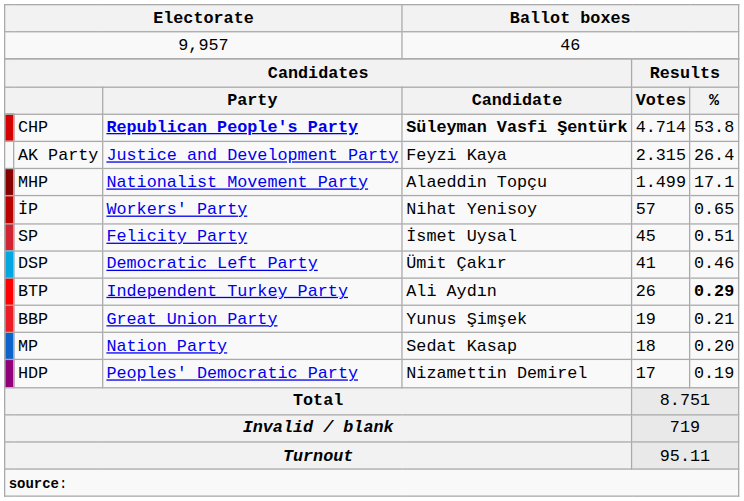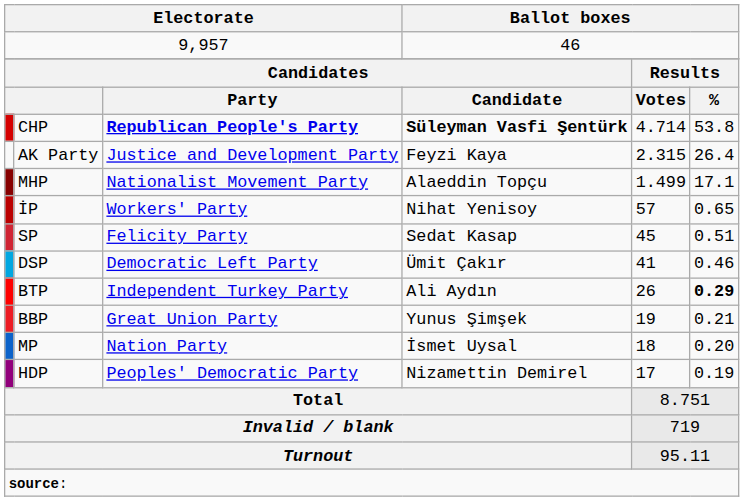 <table class="wikitable">
 <tr style="background-color:#F2F2F2">
 <td align="center" colspan="3"><strong>Electorate</strong></td>
 <td align="center" colspan="7"><strong>Ballot boxes</strong></td>
 </tr>
 <tr align="left">
 <td align="center" colspan="3">9,957</td>
 <td align="center" colspan="7">46</td>
 </tr>
 <tr>
 </tr>
 <tr style="background-color:#E9E9E9">
 </tr>
 <tr>
 <th align="center" colspan="4">Candidates</th>
 <th align="center" colspan="6">Results</th>
 </tr>
 <tr style="background-color:#E9E9E9">
 <th align="center" colspan="2"></th>
 <th align="center">Party</th>
 <th align="center">Candidate</th>
 <th align="center">Votes</th>
 <th align="center">%</th>
 </tr>
 <tr align="left">
 <td bgcolor="#d50000" width=1></td>
 <td>CHP</td>
 <td><strong><a href='#'>Republican People's Party</a></strong></td>
 <td><strong>Süleyman Vasfi Şentürk</strong></td>
 <td>4.714</td>
 <td>53.8</td>
 </tr>
 <tr align="left">
 <td></td>
 <td>AK Party</td>
 <td><a href='#'>Justice and Development Party</a></td>
 <td>Feyzi Kaya</td>
 <td>2.315</td>
 <td>26.4</td>
 </tr>
 <tr align="left">
 <td bgcolor="#870000" width=1></td>
 <td>MHP</td>
 <td><a href='#'>Nationalist Movement Party</a></td>
 <td>Alaeddin Topçu</td>
 <td>1.499</td>
 <td>17.1</td>
 </tr>
 <tr align="left">
 <td bgcolor="#BB0000" width=1></td>
 <td>İP</td>
 <td><a href='#'>Workers' Party</a></td>
 <td>Nihat Yenisoy</td>
 <td>57</td>
 <td>0.65</td>
 </tr>
 <tr align="left">
 <td bgcolor="#D02433" width=1></td>
 <td>SP</td>
 <td><a href='#'>Felicity Party</a></td>
-<td>İsmet Uysal</td>
+<td>Sedat Kasap</td>
 <td>45</td>
 <td>0.51</td>
 </tr>
 <tr align="left">
 <td bgcolor="#01A7E1" width=1></td>
 <td>DSP</td>
 <td><a href='#'>Democratic Left Party</a></td>
 <td>Ümit Çakır</td>
 <td>41</td>
 <td>0.46</td>
 </tr>
 <tr align="left">
 <td bgcolor="#FE0000" width=1></td>
 <td>BTP</td>
 <td><a href='#'>Independent Turkey Party</a></td>
 <td>Ali Aydın</td>
 <td>26</td>
 <td><strong>0.29</strong></td>
 </tr>
 <tr align="left">
 <td bgcolor="#ED1C24" width=1></td>
 <td>BBP</td>
 <td><a href='#'>Great Union Party</a></td>
 <td>Yunus Şimşek</td>
 <td>19</td>
 <td>0.21</td>
 </tr>
 <tr align="left">
 <td bgcolor="#0C63CA" width=1></td>
 <td>MP</td>
 <td><a href='#'>Nation Party</a></td>
-<td>Sedat Kasap</td>
+<td>İsmet Uysal</td>
 <td>18</td>
 <td>0.20</td>
 </tr>
 <tr align="left">
 <td bgcolor="#91007B" width=1></td>
 <td>HDP</td>
 <td><a href='#'>Peoples' Democratic Party</a></td>
 <td>Nizamettin Demirel</td>
 <td>17</td>
 <td>0.19</td>
 </tr>
 <tr style="background-color:#E9E9E9" align="left">
 <th align="center" colspan="4"><strong>Total</strong></th>
 <td align="center" colspan="5">8.751</td>
 </tr>
 <tr style="background-color:#E9E9E9" align="left">
 <th align="center" colspan="4"><em>Invalid / blank</em></th>
 <td align="center" colspan="5">719</td>
 </tr>
 <tr style="background-color:#E9E9E9" align="left">
 <th align="center" colspan="4"><em>Turnout</em></th>
 <td align="center" colspan="5">95.11</td>
 </tr>
 <tr>
 <td align="left" colspan=10><small><strong>source</strong>: </small></td>
 </tr>
 </table>
